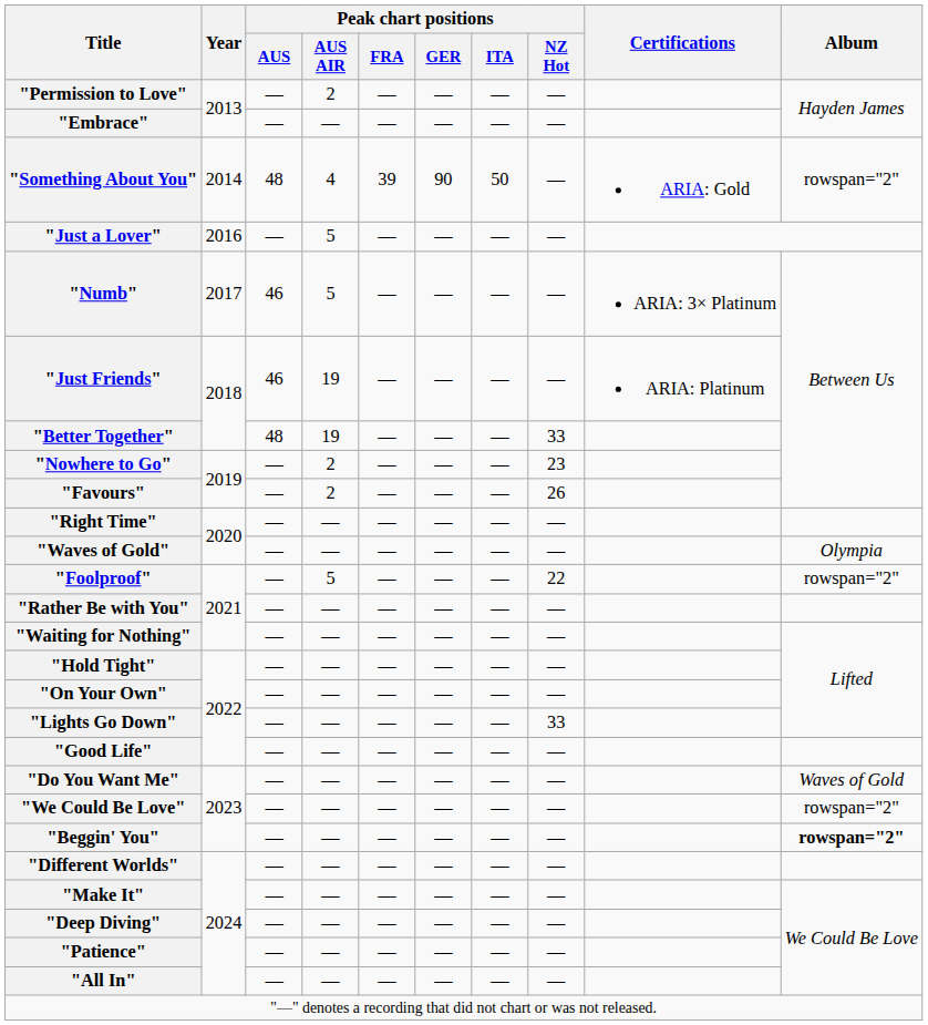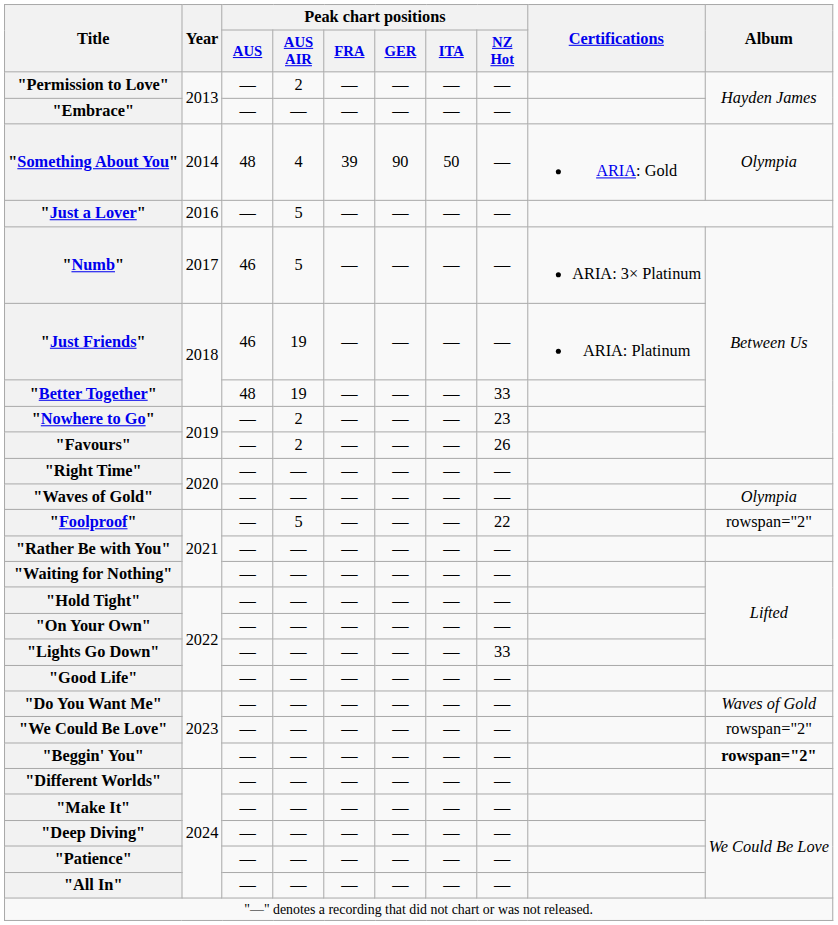 <table class="wikitable plainrowheaders" style=text-align:center;>
 <tr>
 <th scope="col" rowspan="2">Title</th>
 <th scope="col" rowspan="2">Year</th>
 <th scope="col" colspan="6">Peak chart positions</th>
 <th scope="col" rowspan="2"><a href='#'>Certifications</a></th>
 <th scope="col" rowspan="2">Album</th>
 </tr>
 <tr>
 <th scope="col" style="width:3em;font-size:90%;"><a href='#'>AUS</a><br></th>
 <th scope="col" style="width:3em;font-size:90%;"><a href='#'>AUS<br>AIR</a><br></th>
 <th scope="col" style="width:3em;font-size:90%;"><a href='#'>FRA</a><br></th>
 <th scope="col" style="width:3em;font-size:90%;"><a href='#'>GER</a><br></th>
 <th scope="col" style="width:3em;font-size:90%;"><a href='#'>ITA</a><br></th>
 <th scope="col" style="width:3em;font-size:90%;"><a href='#'>NZ<br>Hot</a><br></th>
 </tr>
 <tr>
 <th scope="row">"Permission to Love"</th>
 <td rowspan="2">2013</td>
 <td>—</td>
 <td>2</td>
 <td>—</td>
 <td>—</td>
 <td>—</td>
 <td>—</td>
 <td></td>
 <td rowspan="2"><em>Hayden James</em></td>
 </tr>
 <tr>
 <th scope="row">"Embrace"</th>
 <td>—</td>
 <td>—</td>
 <td>—</td>
 <td>—</td>
 <td>—</td>
 <td>—</td>
 <td></td>
 </tr>
 <tr>
 <th scope="row">"<a href='#'>Something About You</a>"</th>
 <td>2014</td>
 <td>48</td>
 <td>4</td>
 <td>39</td>
 <td>90</td>
 <td>50</td>
 <td>—</td>
 <td><br><ul><li><a href='#'>ARIA</a>: Gold</li></ul></td>
-<td>rowspan="2" </td>
+<td><em>Olympia</em></td>
 </tr>
 <tr>
 <th scope="row">"<a href='#'>Just a Lover</a>"<br></th>
 <td>2016</td>
 <td>—</td>
 <td>5</td>
 <td>—</td>
 <td>—</td>
 <td>—</td>
 <td>—</td>
 </tr>
 <tr>
 <th scope="row">"<a href='#'>Numb</a>"<br></th>
 <td>2017</td>
 <td>46</td>
 <td>5</td>
 <td>—</td>
 <td>—</td>
 <td>—</td>
 <td>—</td>
 <td><br><ul><li>ARIA: 3× Platinum</li></ul></td>
 <td rowspan="5"><em>Between Us</em></td>
 </tr>
 <tr>
 <th scope="row">"<a href='#'>Just Friends</a>"<br></th>
 <td rowspan="2">2018</td>
 <td>46</td>
 <td>19</td>
 <td>—</td>
 <td>—</td>
 <td>—</td>
 <td>—</td>
 <td><br><ul><li>ARIA: Platinum</li></ul></td>
 </tr>
 <tr>
 <th scope="row">"<a href='#'>Better Together</a>"<br></th>
 <td>48</td>
 <td>19</td>
 <td>—</td>
 <td>—</td>
 <td>—</td>
 <td>33</td>
 <td></td>
 </tr>
 <tr>
 <th scope="row">"<a href='#'>Nowhere to Go</a>"<br></th>
 <td rowspan="2">2019</td>
 <td>—</td>
 <td>2</td>
 <td>—</td>
 <td>—</td>
 <td>—</td>
 <td>23</td>
 <td></td>
 </tr>
 <tr>
 <th scope="row">"Favours"<br></th>
 <td>—</td>
 <td>2</td>
 <td>—</td>
 <td>—</td>
 <td>—</td>
 <td>26</td>
 <td></td>
 </tr>
 <tr>
 <th scope="row">"Right Time"<br></th>
 <td rowspan="2">2020</td>
 <td>—</td>
 <td>—</td>
 <td>—</td>
 <td>—</td>
 <td>—</td>
 <td>—</td>
 <td></td>
 <td></td>
 </tr>
 <tr>
 <th scope="row">"Waves of Gold"<br></th>
 <td>—</td>
 <td>—</td>
 <td>—</td>
 <td>—</td>
 <td>—</td>
 <td>—</td>
 <td></td>
 <td><em>Olympia</em></td>
 </tr>
 <tr>
 <th scope="row">"<a href='#'>Foolproof</a>"<br></th>
 <td rowspan="3">2021</td>
 <td>—</td>
 <td>5</td>
 <td>—</td>
 <td>—</td>
 <td>—</td>
 <td>22</td>
 <td></td>
 <td>rowspan="2" </td>
 </tr>
 <tr>
 <th scope="row">"Rather Be with You"<br></th>
 <td>—</td>
 <td>—</td>
 <td>—</td>
 <td>—</td>
 <td>—</td>
 <td>—</td>
 <td></td>
 <td></td>
 </tr>
 <tr>
 <th scope="row">"Waiting for Nothing"<br></th>
 <td>—</td>
 <td>—</td>
 <td>—</td>
 <td>—</td>
 <td>—</td>
 <td>—</td>
 <td></td>
 <td rowspan="4"><em>Lifted</em></td>
 </tr>
 <tr>
 <th scope="row">"Hold Tight"</th>
 <td rowspan="4">2022</td>
 <td>—</td>
 <td>—</td>
 <td>—</td>
 <td>—</td>
 <td>—</td>
 <td>—</td>
 <td></td>
 </tr>
 <tr>
 <th scope="row">"On Your Own"<br></th>
 <td>—</td>
 <td>—</td>
 <td>—</td>
 <td>—</td>
 <td>—</td>
 <td>—</td>
 <td></td>
 </tr>
 <tr>
 <th scope="row">"Lights Go Down"<br></th>
 <td>—</td>
 <td>—</td>
 <td>—</td>
 <td>—</td>
 <td>—</td>
 <td>33</td>
 <td></td>
 </tr>
 <tr>
 <th scope="row">"Good Life"<br></th>
 <td>—</td>
 <td>—</td>
 <td>—</td>
 <td>—</td>
 <td>—</td>
 <td>—</td>
 <td></td>
 <td></td>
 </tr>
 <tr>
 <th scope="row">"Do You Want Me"<br></th>
 <td rowspan="3">2023</td>
 <td>—</td>
 <td>—</td>
 <td>—</td>
 <td>—</td>
 <td>—</td>
 <td>—</td>
 <td></td>
 <td><em>Waves of Gold</em></td>
 </tr>
 <tr>
 <th scope="row">"We Could Be Love"<br></th>
 <td>—</td>
 <td>—</td>
 <td>—</td>
 <td>—</td>
 <td>—</td>
 <td>—</td>
 <td></td>
 <td>rowspan="2" </td>
 </tr>
 <tr>
 <th scope="row">"Beggin' You"<br></th>
 <td>—</td>
 <td>—</td>
 <td>—</td>
 <td>—</td>
 <td>—</td>
 <td>—</td>
 <td></td>
 <td><strong>rowspan="2" </strong></td>
 </tr>
 <tr>
 <th scope="row">"Different Worlds"<br></th>
 <td rowspan="5">2024</td>
 <td>—</td>
 <td>—</td>
 <td>—</td>
 <td>—</td>
 <td>—</td>
 <td>—</td>
 <td></td>
 </tr>
 <tr>
 <th scope="row">"Make It"<br></th>
 <td>—</td>
 <td>—</td>
 <td>—</td>
 <td>—</td>
 <td>—</td>
 <td>—</td>
 <td></td>
 <td rowspan="4"><em>We Could Be Love</em></td>
 </tr>
 <tr>
 <th scope="row">"Deep Diving"<br></th>
 <td>—</td>
 <td>—</td>
 <td>—</td>
 <td>—</td>
 <td>—</td>
 <td>—</td>
 <td></td>
 </tr>
 <tr>
 <th scope="row">"Patience"<br></th>
 <td>—</td>
 <td>—</td>
 <td>—</td>
 <td>—</td>
 <td>—</td>
 <td>—</td>
 <td></td>
 </tr>
 <tr>
 <th scope="row">"All In"</th>
 <td>—</td>
 <td>—</td>
 <td>—</td>
 <td>—</td>
 <td>—</td>
 <td>—</td>
 <td></td>
 </tr>
 <tr>
 <td colspan="10" style="font-size:85%">"—" denotes a recording that did not chart or was not released.</td>
 </tr>
 </table>
